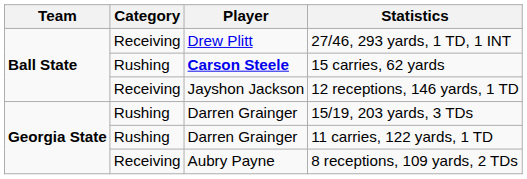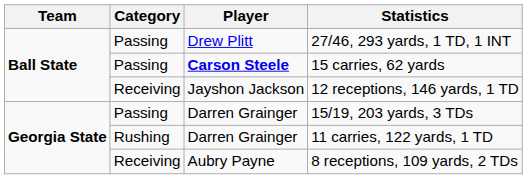 <table class="wikitable" style="float: left;">
 <tr>
 <th>Team</th>
 <th>Category</th>
 <th>Player</th>
 <th>Statistics</th>
 </tr>
 <tr>
 <td rowspan=3><strong>Ball State</strong></td>
-<td>Receiving</td>
+<td>Passing</td>
 <td><a href='#'>Drew Plitt</a></td>
 <td>27/46, 293 yards, 1 TD, 1 INT</td>
 </tr>
 <tr>
-<td>Rushing</td>
+<td>Passing</td>
 <td><strong><a href='#'>Carson Steele</a></strong></td>
 <td>15 carries, 62 yards</td>
 </tr>
 <tr>
 <td>Receiving</td>
 <td>Jayshon Jackson</td>
 <td>12 receptions, 146 yards, 1 TD</td>
 </tr>
 <tr>
 <td rowspan=3><strong>Georgia State</strong></td>
-<td>Rushing</td>
+<td>Passing</td>
 <td>Darren Grainger</td>
 <td>15/19, 203 yards, 3 TDs</td>
 </tr>
 <tr>
 <td>Rushing</td>
 <td>Darren Grainger</td>
 <td>11 carries, 122 yards, 1 TD</td>
 </tr>
 <tr>
 <td>Receiving</td>
 <td>Aubry Payne</td>
 <td>8 receptions, 109 yards, 2 TDs</td>
 </tr>
 </table>
